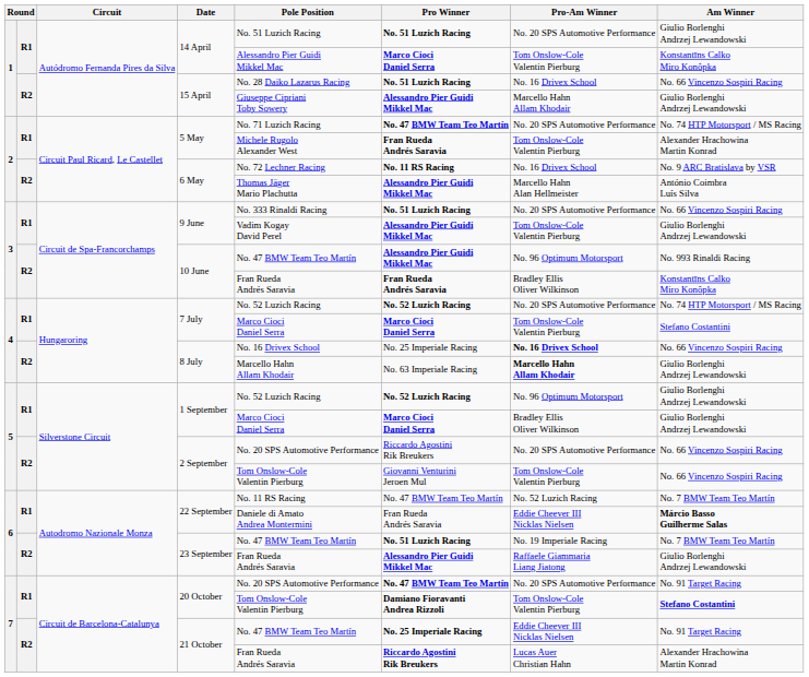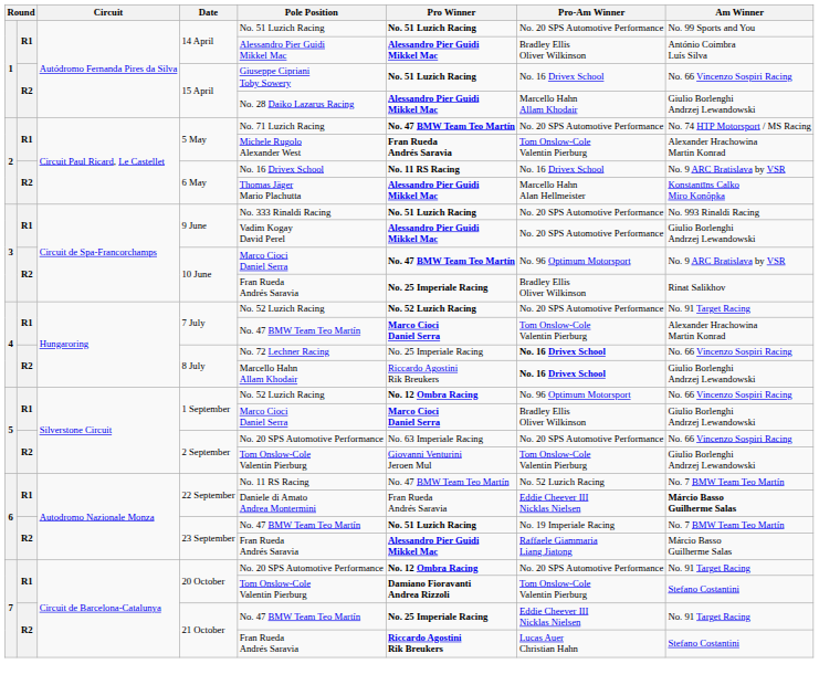 <table class="wikitable" style="font-size: 85%;">
 <tr>
 <th colspan=2>Round</th>
 <th>Circuit</th>
 <th>Date</th>
 <th>Pole Position</th>
 <th>Pro Winner</th>
 <th>Pro-Am Winner</th>
 <th>Am Winner</th>
 </tr>
 <tr>
 <th rowspan=4>1</th>
 <th rowspan=2>R1</th>
 <td rowspan=4 nowrap> <a href='#'>Autódromo Fernanda Pires da Silva</a></td>
 <td rowspan=2>14 April</td>
 <td> No. 51 Luzich Racing</td>
 <td><strong> No. 51 Luzich Racing</strong></td>
 <td> No. 20 SPS Automotive Performance</td>
-<td> Giulio Borlenghi<br> Andrzej Lewandowski</td>
+<td> No. 99 Sports and You</td>
 </tr>
 <tr>
 <td> <a href='#'>Alessandro Pier Guidi</a><br> <a href='#'>Mikkel Mac</a></td>
-<td><strong> <a href='#'>Marco Cioci</a><br> <a href='#'>Daniel Serra</a></strong></td>
-<td> <a href='#'>Tom Onslow-Cole</a><br> Valentin Pierburg</td>
-<td> <a href='#'>Konstantīns Calko</a><br> <a href='#'>Miro Konôpka</a></td>
+<td><strong> <a href='#'>Alessandro Pier Guidi</a><br> <a href='#'>Mikkel Mac</a></strong></td>
+<td> Bradley Ellis<br> Oliver Wilkinson</td>
+<td> António Coimbra<br> Luís Silva</td>
 </tr>
 <tr>
 <th rowspan=2>R2</th>
 <td rowspan=2>15 April</td>
-<td nowrap> No. 28 <a href='#'>Daiko Lazarus Racing</a></td>
+<td nowrap> <a href='#'>Giuseppe Cipriani</a><br> <a href='#'>Toby Sowery</a></td>
 <td nowrap><strong> No. 51 Luzich Racing</strong></td>
 <td nowrap> No. 16 <a href='#'>Drivex School</a></td>
 <td nowrap> No. 66 <a href='#'>Vincenzo Sospiri Racing</a></td>
 </tr>
 <tr>
-<td nowrap> <a href='#'>Giuseppe Cipriani</a><br> <a href='#'>Toby Sowery</a></td>
+<td nowrap> No. 28 <a href='#'>Daiko Lazarus Racing</a></td>
 <td nowrap><strong> <a href='#'>Alessandro Pier Guidi</a><br> <a href='#'>Mikkel Mac</a></strong></td>
 <td nowrap> Marcello Hahn<br> <a href='#'>Allam Khodair</a></td>
 <td nowrap> Giulio Borlenghi<br> Andrzej Lewandowski</td>
 </tr>
 <tr>
 <th rowspan=4>2</th>
 <th rowspan=2>R1</th>
 <td rowspan=4> <a href='#'>Circuit Paul Ricard</a>, <a href='#'>Le Castellet</a></td>
 <td rowspan=2>5 May</td>
 <td nowrap> No. 71 Luzich Racing</td>
 <td nowrap><strong> No. 47 <a href='#'>BMW Team Teo Martín</a></strong></td>
 <td nowrap> No. 20 SPS Automotive Performance</td>
 <td nowrap> No. 74 <a href='#'>HTP Motorsport</a> / MS Racing</td>
 </tr>
 <tr>
 <td> <a href='#'>Michele Rugolo</a><br> Alexander West</td>
 <td><strong> Fran Rueda<br> Andrés Saravia</strong></td>
 <td> <a href='#'>Tom Onslow-Cole</a><br> Valentin Pierburg</td>
 <td> Alexander Hrachowina<br> Martin Konrad</td>
 </tr>
 <tr>
 <th rowspan=2>R2</th>
 <td rowspan=2>6 May</td>
-<td> No. 72 <a href='#'>Lechner Racing</a></td>
+<td> No. 16 <a href='#'>Drivex School</a></td>
 <td><strong> No. 11 RS Racing</strong></td>
 <td> No. 16 <a href='#'>Drivex School</a></td>
 <td> No. 9 <a href='#'>ARC Bratislava</a> by <a href='#'>VSR</a></td>
 </tr>
 <tr>
 <td> <a href='#'>Thomas Jäger</a><br> Mario Plachutta</td>
 <td><strong> <a href='#'>Alessandro Pier Guidi</a><br> <a href='#'>Mikkel Mac</a></strong></td>
 <td> Marcello Hahn<br> Alan Hellmeister</td>
-<td> António Coimbra<br> Luís Silva</td>
+<td> <a href='#'>Konstantīns Calko</a><br> <a href='#'>Miro Konôpka</a></td>
 </tr>
 <tr>
 <th rowspan=4>3</th>
 <th rowspan=2>R1</th>
 <td rowspan=4> <a href='#'>Circuit de Spa-Francorchamps</a></td>
 <td rowspan=2>9 June</td>
 <td> No. 333 Rinaldi Racing</td>
 <td> <strong>No. 51 Luzich Racing</strong></td>
 <td> No. 20 SPS Automotive Performance</td>
-<td> No. 66 <a href='#'>Vincenzo Sospiri Racing</a></td>
+<td> No. 993 Rinaldi Racing</td>
 </tr>
 <tr>
 <td> Vadim Kogay<br> David Perel</td>
 <td><strong> <a href='#'>Alessandro Pier Guidi</a><br> <a href='#'>Mikkel Mac</a></strong></td>
-<td> <a href='#'>Tom Onslow-Cole</a><br> Valentin Pierburg</td>
+<td> No. 20 SPS Automotive Performance</td>
 <td> Giulio Borlenghi<br> Andrzej Lewandowski</td>
 </tr>
 <tr>
 <th rowspan=2>R2</th>
 <td rowspan=2>10 June</td>
-<td> No. 47 <a href='#'>BMW Team Teo Martín</a></td>
-<td nowrap><strong> <a href='#'>Alessandro Pier Guidi</a><br> <a href='#'>Mikkel Mac</a></strong></td>
+<td> <a href='#'>Marco Cioci</a><br> <a href='#'>Daniel Serra</a></td>
+<td> <strong>No. 47 <a href='#'>BMW Team Teo Martín</a></strong></td>
 <td> No. 96 <a href='#'>Optimum Motorsport</a></td>
-<td> No. 993 Rinaldi Racing</td>
+<td> No. 9 <a href='#'>ARC Bratislava</a> by <a href='#'>VSR</a></td>
 </tr>
 <tr>
 <td> Fran Rueda<br> Andrés Saravia</td>
-<td><strong> Fran Rueda<br> Andrés Saravia</strong></td>
+<td> <strong>No. 25 Imperiale Racing</strong></td>
 <td> Bradley Ellis<br> Oliver Wilkinson</td>
-<td> <a href='#'>Konstantīns Calko</a><br> <a href='#'>Miro Konôpka</a></td>
+<td> Rinat Salikhov</td>
 </tr>
 <tr>
 <th rowspan=4>4</th>
 <th rowspan=2>R1</th>
 <td rowspan=4> <a href='#'>Hungaroring</a></td>
 <td rowspan=2>7 July</td>
 <td> No. 52 Luzich Racing</td>
 <td> <strong>No. 52 Luzich Racing</strong></td>
 <td> No. 20 SPS Automotive Performance</td>
-<td> No. 74 <a href='#'>HTP Motorsport</a> / MS Racing</td>
+<td> No. 91 <a href='#'>Target Racing</a></td>
 </tr>
 <tr>
-<td> <a href='#'>Marco Cioci</a><br> <a href='#'>Daniel Serra</a></td>
+<td> No. 47 <a href='#'>BMW Team Teo Martín</a></td>
 <td><strong> <a href='#'>Marco Cioci</a><br> <a href='#'>Daniel Serra</a></strong></td>
 <td> <a href='#'>Tom Onslow-Cole</a><br> Valentin Pierburg</td>
-<td> <a href='#'>Stefano Costantini</a></td>
+<td> Alexander Hrachowina<br> Martin Konrad</td>
 </tr>
 <tr>
 <th rowspan=2>R2</th>
 <td rowspan=2>8 July</td>
-<td> No. 16 <a href='#'>Drivex School</a></td>
+<td> No. 72 <a href='#'>Lechner Racing</a></td>
 <td> No. 25 Imperiale Racing</td>
 <td> <strong>No. 16 <a href='#'>Drivex School</a></strong></td>
 <td> No. 66 <a href='#'>Vincenzo Sospiri Racing</a></td>
 </tr>
 <tr>
 <td> Marcello Hahn<br> <a href='#'>Allam Khodair</a></td>
-<td nowrap> No. 63 Imperiale Racing</td>
-<td><strong> Marcello Hahn<br> <a href='#'>Allam Khodair</a></strong></td>
+<td> <a href='#'>Riccardo Agostini</a><br> Rik Breukers</td>
+<td> <strong>No. 16 <a href='#'>Drivex School</a></strong></td>
 <td> Giulio Borlenghi<br> Andrzej Lewandowski</td>
 </tr>
 <tr>
 <th rowspan=4>5</th>
 <th rowspan=2>R1</th>
 <td rowspan=4> <a href='#'>Silverstone Circuit</a></td>
 <td rowspan=2>1 September</td>
 <td> No. 52 Luzich Racing</td>
-<td><strong> No. 52 Luzich Racing</strong></td>
+<td> <strong>No. 12 <a href='#'>Ombra Racing</a></strong></td>
 <td> No. 96 <a href='#'>Optimum Motorsport</a></td>
-<td> Giulio Borlenghi<br> Andrzej Lewandowski</td>
+<td> No. 66 <a href='#'>Vincenzo Sospiri Racing</a></td>
 </tr>
 <tr>
 <td> <a href='#'>Marco Cioci</a><br> <a href='#'>Daniel Serra</a></td>
 <td><strong> <a href='#'>Marco Cioci</a><br> <a href='#'>Daniel Serra</a></strong></td>
 <td> Bradley Ellis<br> Oliver Wilkinson</td>
 <td> Giulio Borlenghi<br> Andrzej Lewandowski</td>
 </tr>
 <tr>
 <th rowspan=2>R2</th>
 <td rowspan=2>2 September</td>
 <td nowrap> No. 20 SPS Automotive Performance</td>
-<td> <a href='#'>Riccardo Agostini</a><br> Rik Breukers</td>
+<td nowrap> No. 63 Imperiale Racing</td>
 <td nowrap> No. 20 SPS Automotive Performance</td>
 <td nowrap> No. 66 <a href='#'>Vincenzo Sospiri Racing</a></td>
 </tr>
 <tr>
 <td> <a href='#'>Tom Onslow-Cole</a><br> Valentin Pierburg</td>
 <td> <a href='#'>Giovanni Venturini</a><br> Jeroen Mul</td>
 <td> <a href='#'>Tom Onslow-Cole</a><br> Valentin Pierburg</td>
-<td> No. 66 <a href='#'>Vincenzo Sospiri Racing</a></td>
+<td> Giulio Borlenghi<br> Andrzej Lewandowski</td>
 </tr>
 <tr>
 <th rowspan=4>6</th>
 <th rowspan=2>R1</th>
 <td rowspan=4> <a href='#'>Autodromo Nazionale Monza</a></td>
 <td rowspan=2>22 September</td>
 <td> No. 11 RS Racing</td>
 <td> No. 47 <a href='#'>BMW Team Teo Martín</a></td>
 <td> No. 52 Luzich Racing</td>
 <td> No. 7 <a href='#'>BMW Team Teo Martín</a></td>
 </tr>
 <tr>
 <td> Daniele di Amato<br> <a href='#'>Andrea Montermini</a></td>
 <td> Fran Rueda<br> Andrés Saravia</td>
 <td> <a href='#'>Eddie Cheever III</a><br> <a href='#'>Nicklas Nielsen</a></td>
 <td><strong> Márcio Basso<br> Guilherme Salas</strong></td>
 </tr>
 <tr>
 <th rowspan=2>R2</th>
 <td rowspan=2 nowrap>23 September</td>
 <td> No. 47 <a href='#'>BMW Team Teo Martín</a></td>
 <td> <strong>No. 51 Luzich Racing</strong></td>
 <td> No. 19 Imperiale Racing</td>
 <td> No. 7 <a href='#'>BMW Team Teo Martín</a></td>
 </tr>
 <tr>
 <td> Fran Rueda<br> Andrés Saravia</td>
 <td><strong> <a href='#'>Alessandro Pier Guidi</a><br> <a href='#'>Mikkel Mac</a></strong></td>
 <td> <a href='#'>Raffaele Giammaria</a><br> <a href='#'>Liang Jiatong</a></td>
-<td> Giulio Borlenghi<br> Andrzej Lewandowski</td>
+<td> Márcio Basso<br> Guilherme Salas</td>
 </tr>
 <tr>
 <th rowspan=4>7</th>
 <th rowspan=2>R1</th>
 <td rowspan=4> <a href='#'>Circuit de Barcelona-Catalunya</a></td>
 <td rowspan=2>20 October</td>
 <td> No. 20 SPS Automotive Performance</td>
-<td> <strong>No. 47 <a href='#'>BMW Team Teo Martín</a></strong></td>
+<td> <strong>No. 12 <a href='#'>Ombra Racing</a></strong></td>
 <td> No. 20 SPS Automotive Performance</td>
 <td> No. 91 <a href='#'>Target Racing</a></td>
 </tr>
 <tr>
 <td> <a href='#'>Tom Onslow-Cole</a><br> Valentin Pierburg</td>
 <td><strong> Damiano Fioravanti<br> Andrea Rizzoli</strong></td>
 <td> <a href='#'>Tom Onslow-Cole</a><br> Valentin Pierburg</td>
-<td><strong> <a href='#'>Stefano Costantini</a></strong></td>
+<td> <a href='#'>Stefano Costantini</a></td>
 </tr>
 <tr>
 <th rowspan=2>R2</th>
 <td rowspan=2>21 October</td>
 <td> No. 47 <a href='#'>BMW Team Teo Martín</a></td>
 <td> <strong>No. 25 Imperiale Racing</strong></td>
 <td> <a href='#'>Eddie Cheever III</a><br> <a href='#'>Nicklas Nielsen</a></td>
 <td> No. 91 <a href='#'>Target Racing</a></td>
 </tr>
 <tr>
 <td> Fran Rueda<br> Andrés Saravia</td>
 <td><strong> <a href='#'>Riccardo Agostini</a><br> Rik Breukers</strong></td>
 <td> <a href='#'>Lucas Auer</a><br> Christian Hahn</td>
-<td> Alexander Hrachowina<br> Martin Konrad</td>
+<td> <a href='#'>Stefano Costantini</a></td>
 </tr>
 </table>
